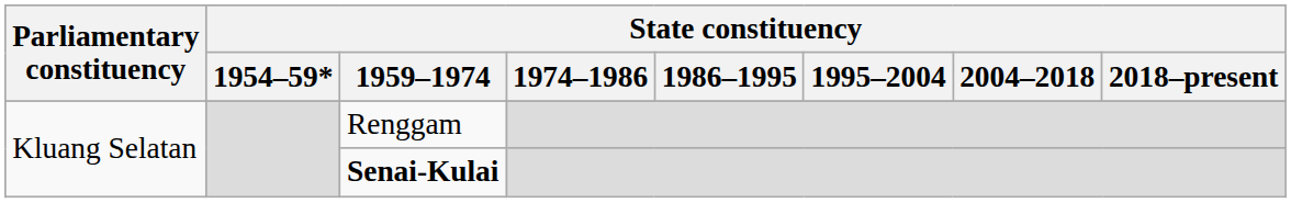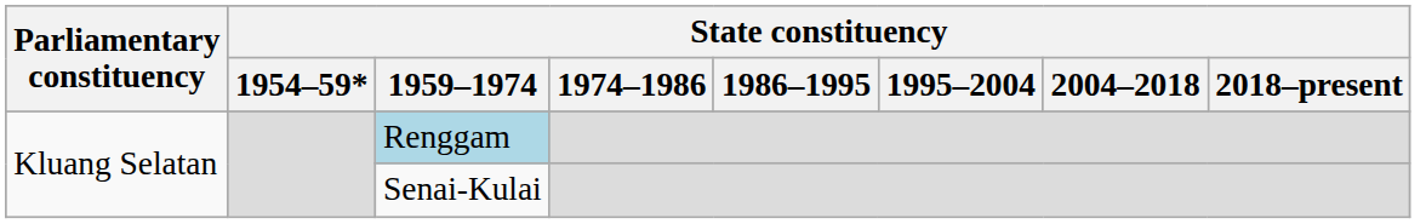 <table class="wikitable">
 <tr>
 <th rowspan="2">Parliamentary<br>constituency</th>
 <th colspan="7">State constituency</th>
 </tr>
 <tr>
 <th>1954–59*</th>
 <th>1959–1974</th>
 <th>1974–1986</th>
 <th>1986–1995</th>
 <th>1995–2004</th>
 <th>2004–2018</th>
 <th>2018–present</th>
 </tr>
 <tr>
 <td rowspan="2">Kluang Selatan</td>
 <td rowspan="2" bgcolor="dcdcdc"></td>
-<td>Renggam</td>
+<td style="background: lightblue;">Renggam</td>
 <td colspan="5" bgcolor="dcdcdc"></td>
 </tr>
 <tr>
-<td><strong>Senai-Kulai</strong></td>
+<td>Senai-Kulai</td>
 <td colspan="5" bgcolor="dcdcdc"></td>
 </tr>
 </table>
